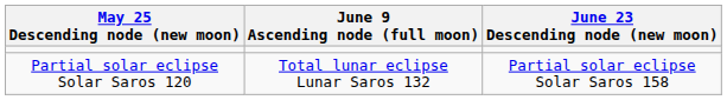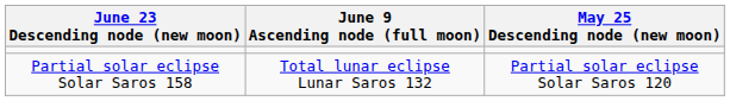 <table class="wikitable">
 <tr>
+<th><a href='#'>June 23</a><br>Descending node (new moon)<br></th>
+<th>June 9<br>Ascending node (full moon)<br></th>
 <th><a href='#'>May 25</a><br>Descending node (new moon)<br></th>
-<th>June 9<br>Ascending node (full moon)<br></th>
-<th><a href='#'>June 23</a><br>Descending node (new moon)<br></th>
 </tr>
 <tr>
 <td></td>
 <td></td>
 <td></td>
 </tr>
 <tr align=center>
+<td><a href='#'>Partial solar eclipse</a><br>Solar Saros 158</td>
+<td><a href='#'>Total lunar eclipse</a><br>Lunar Saros 132</td>
 <td><a href='#'>Partial solar eclipse</a><br>Solar Saros 120</td>
-<td><a href='#'>Total lunar eclipse</a><br>Lunar Saros 132</td>
-<td><a href='#'>Partial solar eclipse</a><br>Solar Saros 158</td>
 </tr>
 </table>
